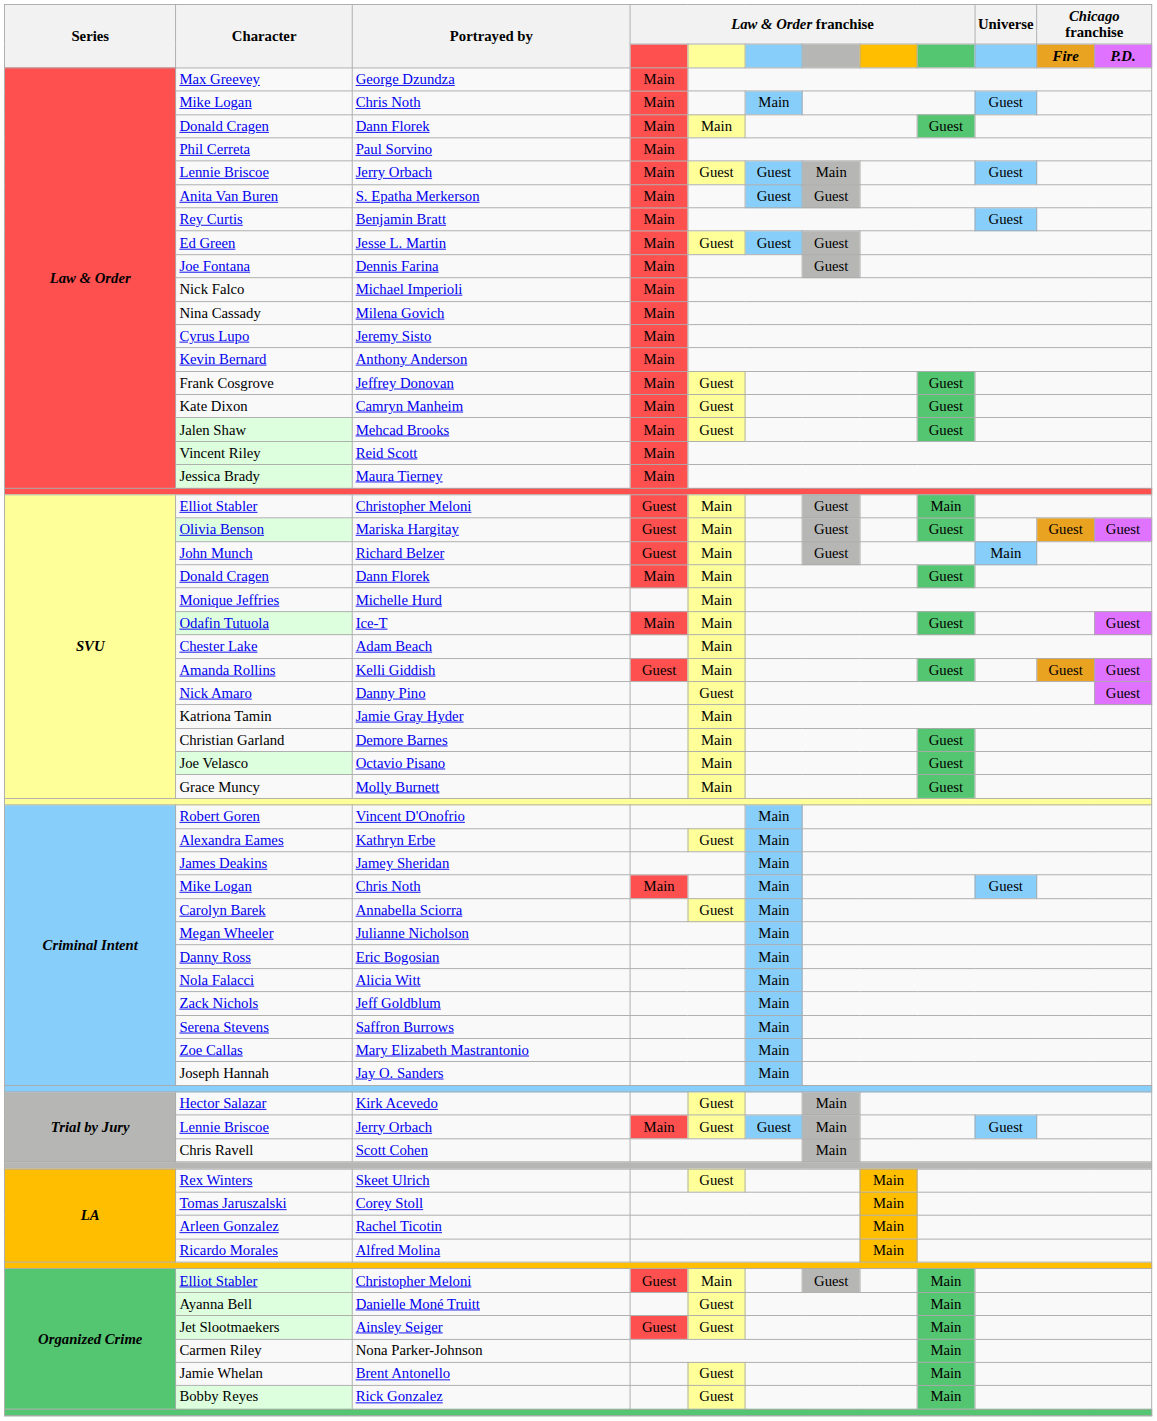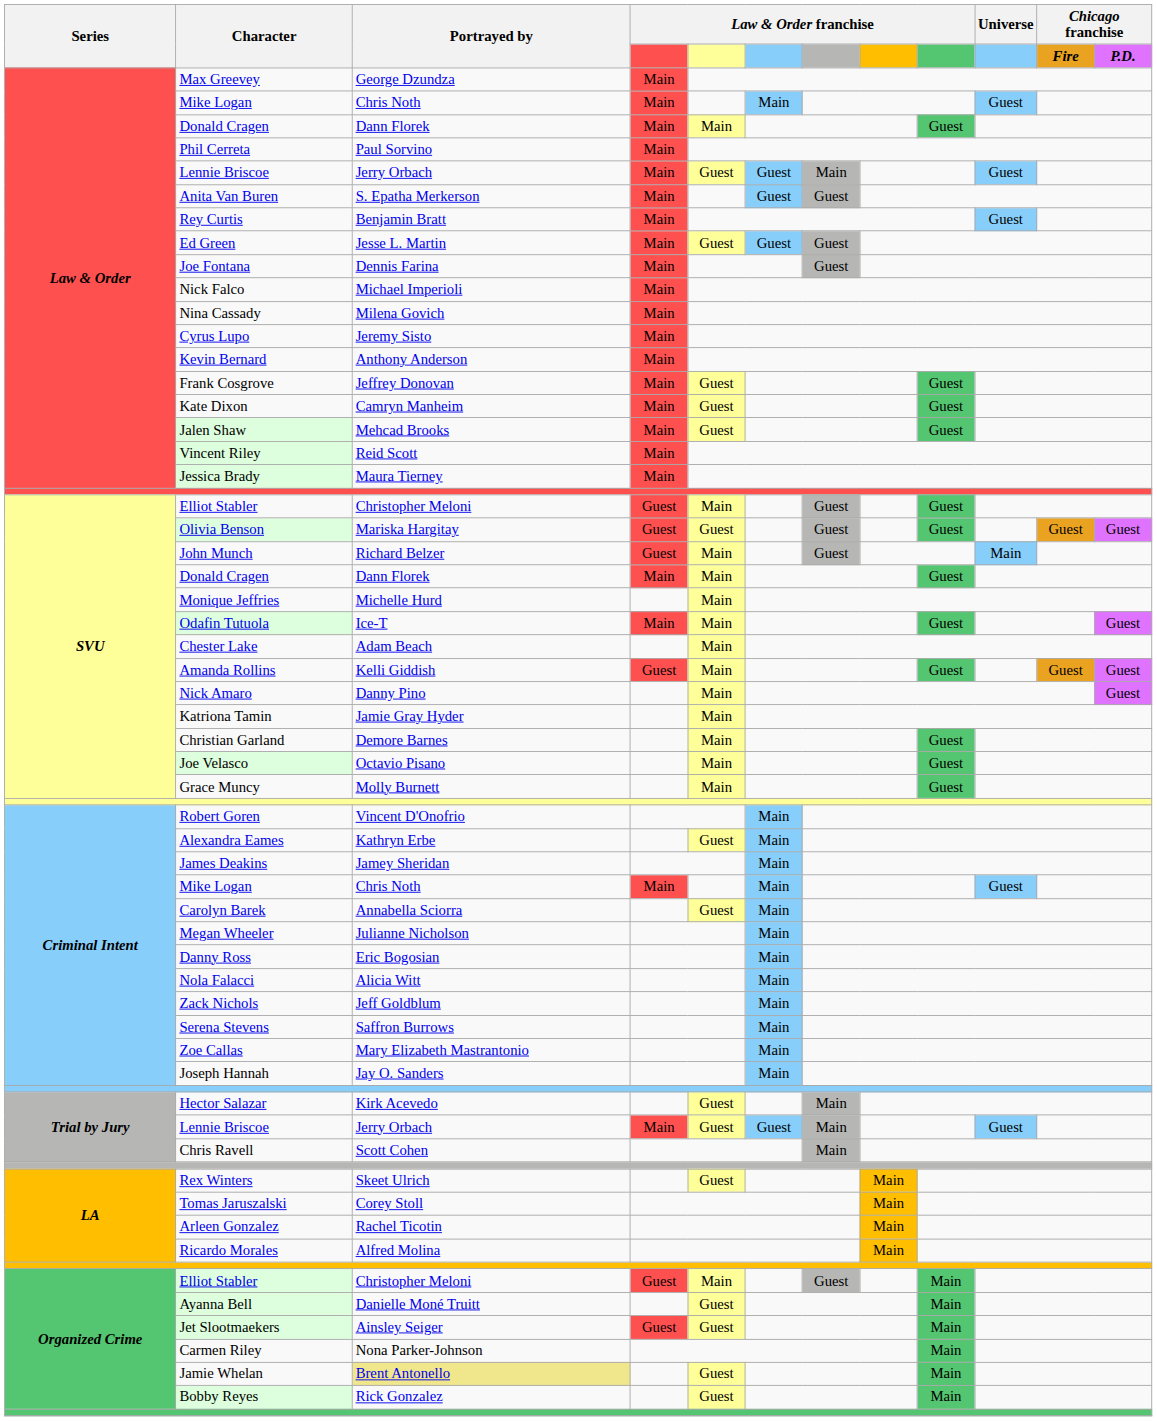 <table class="wikitable">
 <tr>
 <th rowspan="2">Series</th>
 <th rowspan="2">Character</th>
 <th rowspan="2">Portrayed by</th>
 <th colspan="6"><em>Law & Order</em> franchise</th>
 <th>Universe</th>
 <th colspan="2"><em>Chicago</em> franchise</th>
 </tr>
 <tr>
 <th style="background:#FF5050" width="5%"><em></em></th>
 <th style="background:#FFFF99" width="5%"><em></em></th>
 <th style="background:#87CEFA" width="5%"><em></em></th>
 <th style="background:#B6B6B4" width="5%"><em></em></th>
 <th style="background:#FFBF00" width="5%"><em></em></th>
 <th style="background:#54C571" width="5%"><em></em></th>
 <th style="background:#87CEFA" width="5%"><em></em></th>
 <th style="background:#EAA221" width="5%"><em>Fire</em></th>
 <th style="background:#DF73FF" width="5%"><em>P.D.</em></th>
 </tr>
 <tr>
 <td rowspan="18" style="background:#FF5050" align="center"><strong><em>Law & Order</em></strong></td>
 <td><a href='#'>Max Greevey</a></td>
 <td><a href='#'>George Dzundza</a></td>
 <td style="background:#FF5050" align="center">Main</td>
 <td colspan="8"></td>
 </tr>
 <tr>
 <td><a href='#'>Mike Logan</a></td>
 <td><a href='#'>Chris Noth</a></td>
 <td style="background:#FF5050" align="center">Main</td>
 <td></td>
 <td style="background:#87CEFA" align="center">Main</td>
 <td colspan="3"></td>
 <td style="background:#87CEFA" align="center">Guest</td>
 <td colspan="2"></td>
 </tr>
 <tr>
 <td><a href='#'>Donald Cragen</a></td>
 <td><a href='#'>Dann Florek</a></td>
 <td style="background:#FF5050" align="center">Main</td>
 <td style="background:#FFFF99" align="center">Main</td>
 <td colspan="3"></td>
 <td style="background:#54C571" align="center">Guest</td>
 <td colspan="3"></td>
 </tr>
 <tr>
 <td><a href='#'>Phil Cerreta</a></td>
 <td><a href='#'>Paul Sorvino</a></td>
 <td style="background:#FF5050" align="center">Main</td>
 <td colspan="8"></td>
 </tr>
 <tr>
 <td><a href='#'>Lennie Briscoe</a></td>
 <td><a href='#'>Jerry Orbach</a></td>
 <td style="background:#FF5050" align="center">Main</td>
 <td style="background:#FFFF99" align="center">Guest</td>
 <td style="background:#87CEFA" align="center">Guest</td>
 <td style="background:#B6B6B4" align="center">Main</td>
 <td colspan="2"></td>
 <td style="background:#87CEFA" align="center">Guest</td>
 <td colspan="2"></td>
 </tr>
 <tr>
 <td><a href='#'>Anita Van Buren</a></td>
 <td><a href='#'>S. Epatha Merkerson</a></td>
 <td style="background:#FF5050" align="center">Main</td>
 <td></td>
 <td style="background:#87CEFA" align="center">Guest</td>
 <td style="background:#B6B6B4" align="center">Guest</td>
 <td colspan="5"></td>
 </tr>
 <tr>
 <td><a href='#'>Rey Curtis</a></td>
 <td><a href='#'>Benjamin Bratt</a></td>
 <td style="background:#FF5050" align="center">Main</td>
 <td colspan="5"></td>
 <td style="background:#87CEFA" align="center">Guest</td>
 <td colspan="2"></td>
 </tr>
 <tr>
 <td><a href='#'>Ed Green</a></td>
 <td><a href='#'>Jesse L. Martin</a></td>
 <td style="background:#FF5050" align="center">Main</td>
 <td style="background:#FFFF99" align="center">Guest</td>
 <td style="background:#87CEFA" align="center">Guest</td>
 <td style="background:#B6B6B4" align="center">Guest</td>
 <td colspan="5"></td>
 </tr>
 <tr>
 <td><a href='#'>Joe Fontana</a></td>
 <td><a href='#'>Dennis Farina</a></td>
 <td style="background:#FF5050" align="center">Main</td>
 <td colspan="2"></td>
 <td style="background:#B6B6B4" align="center">Guest</td>
 <td colspan="5"></td>
 </tr>
 <tr>
 <td>Nick Falco</td>
 <td><a href='#'>Michael Imperioli</a></td>
 <td style="background:#FF5050" align="center">Main</td>
 <td colspan="8"></td>
 </tr>
 <tr>
 <td>Nina Cassady</td>
 <td><a href='#'>Milena Govich</a></td>
 <td style="background:#FF5050" align="center">Main</td>
 <td colspan="8"></td>
 </tr>
 <tr>
 <td><a href='#'>Cyrus Lupo</a></td>
 <td><a href='#'>Jeremy Sisto</a></td>
 <td style="background:#FF5050" align="center">Main</td>
 <td colspan="8"></td>
 </tr>
 <tr>
 <td><a href='#'>Kevin Bernard</a></td>
 <td><a href='#'>Anthony Anderson</a></td>
 <td style="background:#FF5050" align="center">Main</td>
 <td colspan="8"></td>
 </tr>
 <tr>
 <td>Frank Cosgrove</td>
 <td><a href='#'>Jeffrey Donovan</a></td>
 <td style="background:#FF5050" align="center">Main</td>
 <td style="background:#FFFF99" align="center">Guest</td>
 <td colspan="3"></td>
 <td style="background:#54C571" align="center">Guest</td>
 <td colspan="3"></td>
 </tr>
 <tr>
 <td>Kate Dixon</td>
 <td><a href='#'>Camryn Manheim</a></td>
 <td style="background:#FF5050" align="center">Main</td>
 <td style="background:#FFFF99" align="center">Guest</td>
 <td colspan="3"></td>
 <td style="background:#54C571" align="center">Guest</td>
 <td colspan="3"></td>
 </tr>
 <tr>
 <td style="background: #ddffdd" colspan="1">Jalen Shaw</td>
 <td><a href='#'>Mehcad Brooks</a></td>
 <td style="background:#FF5050" align="center">Main</td>
 <td style="background:#FFFF99" align="center">Guest</td>
 <td colspan="3"></td>
 <td style="background:#54C571" align="center">Guest</td>
 <td colspan="3"></td>
 </tr>
 <tr>
 <td style="background: #ddffdd" colspan="1">Vincent Riley</td>
 <td><a href='#'>Reid Scott</a></td>
 <td style="background:#FF5050" align="center">Main</td>
 <td colspan="8"></td>
 </tr>
 <tr>
 <td style="background: #ddffdd" colspan="1">Jessica Brady</td>
 <td><a href='#'>Maura Tierney</a></td>
 <td style="background:#FF5050" align="center">Main</td>
 <td colspan="8"></td>
 </tr>
 <tr>
 <td colspan="27" style="background:#FF5050"></td>
 </tr>
 <tr>
 <td rowspan="13" style="background:#FFFF99" align="center"><strong><em>SVU</em></strong></td>
 <td><a href='#'>Elliot Stabler</a></td>
 <td><a href='#'>Christopher Meloni</a></td>
 <td style="background:#FF5050" align="center">Guest</td>
 <td style="background:#FFFF99" align="center">Main</td>
 <td></td>
 <td style="background:#B6B6B4" align="center">Guest</td>
 <td></td>
-<td style="background:#54C571" align="center">Main</td>
+<td style="background:#54C571" align="center">Guest</td>
 <td colspan="3"></td>
 </tr>
 <tr>
 <td style="background: #ddffdd"><a href='#'>Olivia Benson</a></td>
 <td><a href='#'>Mariska Hargitay</a></td>
 <td style="background:#FF5050" align="center">Guest</td>
-<td style="background:#FFFF99" align="center">Main</td>
+<td style="background:#FFFF99" align="center">Guest</td>
 <td></td>
 <td style="background:#B6B6B4" align="center">Guest</td>
 <td></td>
 <td style="background:#54C571" align="center">Guest</td>
 <td></td>
 <td style="background:#EAA221" align="center">Guest</td>
 <td style="background:#DF73FF" align="center">Guest</td>
 </tr>
 <tr>
 <td><a href='#'>John Munch</a></td>
 <td><a href='#'>Richard Belzer</a></td>
 <td style="background:#FF5050" align="center">Guest</td>
 <td style="background:#FFFF99" align="center">Main</td>
 <td></td>
 <td style="background:#B6B6B4" align="center">Guest</td>
 <td colspan="2"></td>
 <td style="background:#87CEFA" align="center">Main</td>
 <td colspan="2"></td>
 </tr>
 <tr>
 <td><a href='#'>Donald Cragen</a></td>
 <td><a href='#'>Dann Florek</a></td>
 <td style="background:#FF5050" align="center">Main</td>
 <td style="background:#FFFF99" align="center">Main</td>
 <td colspan="3"></td>
 <td style="background:#54C571" align="center">Guest</td>
 <td colspan="3"></td>
 </tr>
 <tr>
 <td><a href='#'>Monique Jeffries</a></td>
 <td><a href='#'>Michelle Hurd</a></td>
 <td></td>
 <td style="background:#FFFF99" align="center">Main</td>
 <td colspan="7"></td>
 </tr>
 <tr>
 <td style="background: #ddffdd"><a href='#'>Odafin Tutuola</a></td>
 <td><a href='#'>Ice-T</a></td>
 <td style="background:#FF5050" align="center">Main</td>
 <td style="background:#FFFF99" align="center">Main</td>
 <td colspan="3"></td>
 <td style="background:#54C571" align="center">Guest</td>
 <td colspan="2"></td>
 <td style="background:#DF73FF" align="center">Guest</td>
 </tr>
 <tr>
 <td><a href='#'>Chester Lake</a></td>
 <td><a href='#'>Adam Beach</a></td>
 <td></td>
 <td style="background:#FFFF99" align="center">Main</td>
 <td colspan="7"></td>
 </tr>
 <tr>
 <td><a href='#'>Amanda Rollins</a></td>
 <td><a href='#'>Kelli Giddish</a></td>
 <td style="background:#FF5050" align="center">Guest</td>
 <td style="background:#FFFF99" align="center">Main</td>
 <td colspan="3"></td>
 <td style="background:#54C571" align="center">Guest</td>
 <td></td>
 <td style="background:#EAA221" align="center">Guest</td>
 <td style="background:#DF73FF" align="center">Guest</td>
 </tr>
 <tr>
 <td><a href='#'>Nick Amaro</a></td>
 <td><a href='#'>Danny Pino</a></td>
 <td></td>
-<td style="background:#FFFF99" align="center">Guest</td>
+<td style="background:#FFFF99" align="center">Main</td>
 <td colspan="6"></td>
 <td style="background:#DF73FF" align="center">Guest</td>
 </tr>
 <tr>
 <td>Katriona Tamin</td>
 <td><a href='#'>Jamie Gray Hyder</a></td>
 <td></td>
 <td style="background:#FFFF99" align="center">Main</td>
 <td colspan="7"></td>
 </tr>
 <tr>
 <td>Christian Garland</td>
 <td><a href='#'>Demore Barnes</a></td>
 <td></td>
 <td style="background:#FFFF99" align="center">Main</td>
 <td colspan="3"></td>
 <td style="background:#54C571" align="center">Guest</td>
 <td colspan="3"></td>
 </tr>
 <tr>
 <td style="background: #ddffdd">Joe Velasco</td>
 <td><a href='#'>Octavio Pisano</a></td>
 <td></td>
 <td style="background:#FFFF99" align="center">Main</td>
 <td colspan="3"></td>
 <td style="background:#54C571" align="center">Guest</td>
 <td colspan="3"></td>
 </tr>
 <tr>
 <td>Grace Muncy</td>
 <td><a href='#'>Molly Burnett</a></td>
 <td></td>
 <td style="background:#FFFF99" align="center">Main</td>
 <td colspan="3"></td>
 <td style="background:#54C571" align="center">Guest</td>
 <td colspan="3"></td>
 </tr>
 <tr>
 <td colspan="27" style="background:#FFFF99"></td>
 </tr>
 <tr>
 <td rowspan="12" style="background:#87CEFA" align="center"><strong><em>Criminal Intent</em></strong></td>
 <td><a href='#'>Robert Goren</a></td>
 <td><a href='#'>Vincent D'Onofrio</a></td>
 <td colspan="2"></td>
 <td style="background:#87CEFA" align="center">Main</td>
 <td colspan="6"></td>
 </tr>
 <tr>
 <td><a href='#'>Alexandra Eames</a></td>
 <td><a href='#'>Kathryn Erbe</a></td>
 <td></td>
 <td style="background:#FFFF99" align="center">Guest</td>
 <td style="background:#87CEFA" align="center">Main</td>
 <td colspan="6"></td>
 </tr>
 <tr>
 <td><a href='#'>James Deakins</a></td>
 <td><a href='#'>Jamey Sheridan</a></td>
 <td colspan="2"></td>
 <td style="background:#87CEFA" align="center">Main</td>
 <td colspan="6"></td>
 </tr>
 <tr>
 <td><a href='#'>Mike Logan</a></td>
 <td><a href='#'>Chris Noth</a></td>
 <td style="background:#FF5050" align="center">Main</td>
 <td></td>
 <td style="background:#87CEFA" align="center">Main</td>
 <td colspan="3"></td>
 <td style="background:#87CEFA" align="center">Guest</td>
 <td colspan="2"></td>
 </tr>
 <tr>
 <td><a href='#'>Carolyn Barek</a></td>
 <td><a href='#'>Annabella Sciorra</a></td>
 <td></td>
 <td style="background:#FFFF99" align="center">Guest</td>
 <td style="background:#87CEFA" align="center">Main</td>
 <td colspan="6"></td>
 </tr>
 <tr>
 <td><a href='#'>Megan Wheeler</a></td>
 <td><a href='#'>Julianne Nicholson</a></td>
 <td colspan="2"></td>
 <td style="background:#87CEFA" align="center">Main</td>
 <td colspan="6"></td>
 </tr>
 <tr>
 <td><a href='#'>Danny Ross</a></td>
 <td><a href='#'>Eric Bogosian</a></td>
 <td colspan="2"></td>
 <td style="background:#87CEFA" align="center">Main</td>
 <td colspan="6"></td>
 </tr>
 <tr>
 <td><a href='#'>Nola Falacci</a></td>
 <td><a href='#'>Alicia Witt</a></td>
 <td colspan="2"></td>
 <td style="background:#87CEFA" align="center">Main</td>
 <td colspan="6"></td>
 </tr>
 <tr>
 <td><a href='#'>Zack Nichols</a></td>
 <td><a href='#'>Jeff Goldblum</a></td>
 <td colspan="2"></td>
 <td style="background:#87CEFA" align="center">Main</td>
 <td colspan="6"></td>
 </tr>
 <tr>
 <td><a href='#'>Serena Stevens</a></td>
 <td><a href='#'>Saffron Burrows</a></td>
 <td colspan="2"></td>
 <td style="background:#87CEFA" align="center">Main</td>
 <td colspan="6"></td>
 </tr>
 <tr>
 <td><a href='#'>Zoe Callas</a></td>
 <td><a href='#'>Mary Elizabeth Mastrantonio</a></td>
 <td colspan="2"></td>
 <td style="background:#87CEFA" align="center">Main</td>
 <td colspan="6"></td>
 </tr>
 <tr>
 <td>Joseph Hannah</td>
 <td><a href='#'>Jay O. Sanders</a></td>
 <td colspan="2"></td>
 <td style="background:#87CEFA" align="center">Main</td>
 <td colspan="6"></td>
 </tr>
 <tr>
 <td colspan="26" style="background:#87CEFA"></td>
 </tr>
 <tr>
 <td rowspan="3" style="background:#B6B6B4" align="center"><strong><em>Trial by Jury</em></strong></td>
 <td><a href='#'>Hector Salazar</a></td>
 <td><a href='#'>Kirk Acevedo</a></td>
 <td></td>
 <td style="background:#FFFF99" align="center">Guest</td>
 <td></td>
 <td style="background:#B6B6B4" align="center">Main</td>
 <td colspan="5"></td>
 </tr>
 <tr>
 <td><a href='#'>Lennie Briscoe</a></td>
 <td><a href='#'>Jerry Orbach</a></td>
 <td style="background:#FF5050" align="center">Main</td>
 <td style="background:#FFFF99" align="center">Guest</td>
 <td style="background:#87CEFA" align="center">Guest</td>
 <td style="background:#B6B6B4" align="center">Main</td>
 <td colspan="2"></td>
 <td style="background:#87CEFA" align="center">Guest</td>
 <td colspan="2"></td>
 </tr>
 <tr>
 <td>Chris Ravell</td>
 <td><a href='#'>Scott Cohen</a></td>
 <td colspan="3"></td>
 <td style="background:#B6B6B4" align="center">Main</td>
 <td colspan="5"></td>
 </tr>
 <tr>
 <td colspan="26" style="background:#B6B6B4"></td>
 </tr>
 <tr>
 <td rowspan="4" style="background:#FFBF00" align="center"><strong><em>LA</em></strong></td>
 <td><a href='#'>Rex Winters</a></td>
 <td><a href='#'>Skeet Ulrich</a></td>
 <td></td>
 <td style="background:#FFFF99" align="center">Guest</td>
 <td colspan="2"></td>
 <td style="background:#FFBF00" align="center">Main</td>
 <td colspan="4"></td>
 </tr>
 <tr>
 <td><a href='#'>Tomas Jaruszalski</a></td>
 <td><a href='#'>Corey Stoll</a></td>
 <td colspan="4"></td>
 <td style="background:#FFBF00" align="center">Main</td>
 <td colspan="4"></td>
 </tr>
 <tr>
 <td><a href='#'>Arleen Gonzalez</a></td>
 <td><a href='#'>Rachel Ticotin</a></td>
 <td colspan="4"></td>
 <td style="background:#FFBF00" align="center">Main</td>
 <td colspan="4"></td>
 </tr>
 <tr>
 <td><a href='#'>Ricardo Morales</a></td>
 <td><a href='#'>Alfred Molina</a></td>
 <td colspan="4"></td>
 <td style="background:#FFBF00" align="center">Main</td>
 <td colspan="4"></td>
 </tr>
 <tr>
 <td colspan="26" style="background:#FFBF00"></td>
 </tr>
 <tr>
 <td rowspan="6" style="background:#54C571" align="center"><strong><em>Organized Crime</em></strong></td>
 <td style="background:#ddffdd"><a href='#'>Elliot Stabler</a></td>
 <td><a href='#'>Christopher Meloni</a></td>
 <td style="background:#FF5050" align="center">Guest</td>
 <td style="background:#FFFF99" align="center">Main</td>
 <td></td>
 <td style="background:#B6B6B4" align="center">Guest</td>
 <td></td>
 <td style="background:#54C571" align="center">Main</td>
 <td colspan="3"></td>
 </tr>
 <tr>
 <td style="background:#ddffdd">Ayanna Bell</td>
 <td><a href='#'>Danielle Moné Truitt</a></td>
 <td></td>
 <td style="background:#FFFF99" align="center">Guest</td>
 <td colspan="3"></td>
 <td style="background:#54C571" align="center">Main</td>
 <td colspan="3"></td>
 </tr>
 <tr>
 <td style="background:#ddffdd">Jet Slootmaekers</td>
 <td><a href='#'>Ainsley Seiger</a></td>
 <td style="background:#FF5050" align="center">Guest</td>
 <td style="background:#FFFF99" align="center">Guest</td>
 <td colspan="3"></td>
 <td style="background:#54C571" align="center">Main</td>
 <td colspan="3"></td>
 </tr>
 <tr>
 <td>Carmen Riley</td>
 <td>Nona Parker-Johnson</td>
 <td colspan="5"></td>
 <td style="background:#54C571" align="center">Main</td>
 <td colspan="3"></td>
 </tr>
 <tr>
 <td>Jamie Whelan</td>
-<td><a href='#'>Brent Antonello</a></td>
+<td style="background: khaki;"><a href='#'>Brent Antonello</a></td>
 <td colspan="1”"></td>
 <td style="background:#FFFF99" align="center">Guest</td>
 <td colspan="3"></td>
 <td style="background:#54C571" align="center">Main</td>
 <td colspan="3"></td>
 </tr>
 <tr>
 <td style="background:#ddffdd">Bobby Reyes</td>
 <td><a href='#'>Rick Gonzalez</a></td>
 <td colspan="1”"></td>
 <td style="background:#FFFF99" align="center">Guest</td>
 <td colspan="3"></td>
 <td style="background:#54C571" align="center">Main</td>
 <td colspan="3"></td>
 </tr>
 <tr>
 <td colspan="26" style="background:#54C571"></td>
 </tr>
 <tr>
 </tr>
 </table>
